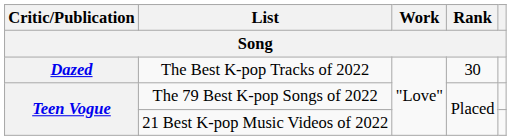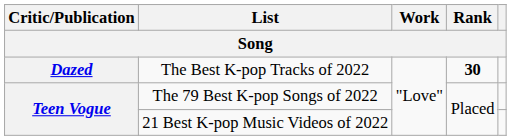 <table class="wikitable sortable plainrowheaders">
 <tr>
 <th>Critic/Publication</th>
 <th>List</th>
 <th>Work</th>
 <th>Rank</th>
 <th class="unsortable"></th>
 </tr>
 <tr>
 <th align="center" colspan="5">Song</th>
 </tr>
 <tr>
 <th scope="row"><em><a href='#'>Dazed</a></em></th>
 <td align="center">The Best K-pop Tracks of 2022</td>
 <td rowspan="3" align="center">"Love"</td>
-<td align="center">30</td>
+<td align="center"><strong>30</strong></td>
 <td align="center"></td>
 </tr>
 <tr>
 <th scope="row" rowspan="2"><em><a href='#'>Teen Vogue</a></em></th>
 <td align="center">The 79 Best K-pop Songs of 2022</td>
 <td rowspan="2" align="center">Placed</td>
 <td align="center"></td>
 </tr>
 <tr>
 <td align="center">21 Best K-pop Music Videos of 2022</td>
 <td align="center"></td>
 </tr>
 </table>
